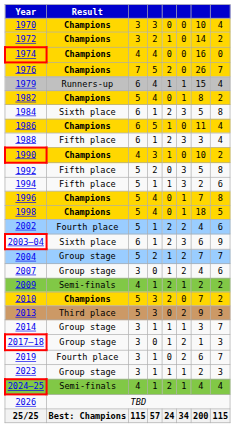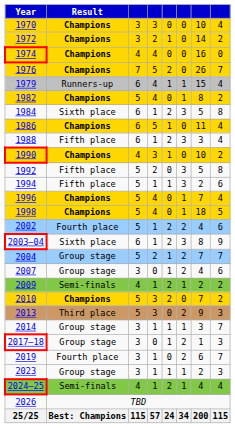 <table class="wikitable" style="text-align: center;">
 <tr>
 <th style="width=30; background:#0000CD; color: #FFFFFF; ">Year</th>
 <th style="width=30; background:#0000CD; color: #FFFFFF;">Result</th>
 <th style="width=30; background:#0000CD; color: #FFFFFF;"></th>
 <th style="width=30; background:#0000CD; color: #FFFFFF;"></th>
 <th style="width=30; background:#0000CD; color: #FFFFFF;"></th>
 <th style="width=30; background:#0000CD; color: #FFFFFF;"></th>
 <th style="width=30; background:#0000CD; color: #FFFFFF;"></th>
 <th style="width=30; background:#0000CD; color: #FFFFFF;"></th>
 </tr>
 <tr bgcolor=gold>
 <td> <a href='#'>1970</a></td>
 <td bgcolor="gold"><strong>Champions</strong></td>
 <td>3</td>
 <td>3</td>
 <td>0</td>
 <td>0</td>
 <td>10</td>
 <td>4</td>
 </tr>
 <tr bgcolor=gold>
 <td> <a href='#'>1972</a></td>
 <td bgcolor="gold"><strong>Champions</strong></td>
 <td>3</td>
 <td>2</td>
 <td>1</td>
 <td>0</td>
 <td>14</td>
 <td>2</td>
 </tr>
 <tr bgcolor=gold>
 <td style="border: 3px solid red"> <a href='#'>1974</a></td>
 <td bgcolor="gold"><strong>Champions</strong></td>
 <td>4</td>
 <td>4</td>
 <td>0</td>
 <td>0</td>
 <td>16</td>
 <td>0</td>
 </tr>
 <tr bgcolor=gold>
 <td> <a href='#'>1976</a></td>
 <td bgcolor="gold"><strong>Champions</strong></td>
 <td>7</td>
 <td>5</td>
 <td>2</td>
 <td>0</td>
 <td>26</td>
 <td>7</td>
 </tr>
 <tr bgcolor=silver>
 <td> <a href='#'>1979</a></td>
 <td bgcolor="silver">Runners-up</td>
 <td>6</td>
 <td>4</td>
 <td>1</td>
 <td>1</td>
 <td>15</td>
 <td>4</td>
 </tr>
 <tr bgcolor=gold>
 <td> <a href='#'>1982</a></td>
 <td bgcolor="gold"><strong>Champions</strong></td>
 <td>5</td>
 <td>4</td>
 <td>0</td>
 <td>1</td>
 <td>8</td>
 <td>2</td>
 </tr>
 <tr>
 <td> <a href='#'>1984</a></td>
 <td>Sixth place</td>
 <td>6</td>
 <td>1</td>
 <td>2</td>
 <td>3</td>
 <td>5</td>
 <td>8</td>
 </tr>
 <tr bgcolor=gold>
 <td> <a href='#'>1986</a></td>
 <td bgcolor="gold"><strong>Champions</strong></td>
 <td>6</td>
 <td>5</td>
 <td>1</td>
 <td>0</td>
 <td>11</td>
 <td>4</td>
 </tr>
 <tr>
 <td> <a href='#'>1988</a></td>
 <td>Fifth place</td>
 <td>6</td>
 <td>1</td>
 <td>2</td>
 <td>3</td>
 <td>3</td>
 <td>4</td>
 </tr>
 <tr bgcolor=gold>
 <td style="border: 3px solid red"> <a href='#'>1990</a></td>
 <td bgcolor="gold"><strong>Champions</strong></td>
 <td>4</td>
 <td>3</td>
 <td>1</td>
 <td>0</td>
 <td>10</td>
 <td>2</td>
 </tr>
 <tr>
 <td> <a href='#'>1992</a></td>
 <td>Fifth place</td>
 <td>5</td>
 <td>2</td>
 <td>0</td>
 <td>3</td>
 <td>5</td>
 <td>8</td>
 </tr>
 <tr>
 <td> <a href='#'>1994</a></td>
 <td>Fifth place</td>
 <td>5</td>
 <td>1</td>
 <td>1</td>
 <td>3</td>
 <td>2</td>
 <td>6</td>
 </tr>
 <tr bgcolor=gold>
 <td> <a href='#'>1996</a></td>
 <td bgcolor="gold"><strong>Champions</strong></td>
 <td>5</td>
 <td>4</td>
 <td>0</td>
 <td>1</td>
 <td>7</td>
-<td>8</td>
+<td>4</td>
 </tr>
 <tr bgcolor=gold>
 <td> <a href='#'>1998</a></td>
 <td bgcolor="gold"><strong>Champions</strong></td>
 <td>5</td>
 <td>4</td>
 <td>0</td>
 <td>1</td>
 <td>18</td>
 <td>5</td>
 </tr>
 <tr style="background:#9acdff;">
 <td> <a href='#'>2002</a></td>
 <td>Fourth place</td>
 <td>5</td>
 <td>1</td>
 <td>2</td>
 <td>2</td>
 <td>4</td>
 <td>6</td>
 </tr>
 <tr>
 <td style="border: 3px solid red"> <a href='#'>2003–04</a></td>
 <td>Sixth place</td>
 <td>6</td>
 <td>1</td>
 <td>2</td>
 <td>3</td>
-<td>6</td>
+<td>8</td>
 <td>9</td>
 </tr>
 <tr style="background:#9acdff;">
 <td> <a href='#'>2004</a></td>
 <td>Group stage</td>
 <td>5</td>
 <td>2</td>
 <td>1</td>
 <td>2</td>
 <td>7</td>
 <td>7</td>
 </tr>
 <tr>
 <td> <a href='#'>2007</a></td>
 <td>Group stage</td>
 <td>3</td>
 <td>0</td>
 <td>1</td>
 <td>2</td>
 <td>4</td>
 <td>6</td>
 </tr>
 <tr bgcolor=#81c846>
 <td> <a href='#'>2009</a></td>
 <td>Semi-finals</td>
 <td>4</td>
 <td>1</td>
 <td>2</td>
 <td>1</td>
 <td>2</td>
 <td>2</td>
 </tr>
 <tr bgcolor=gold>
 <td> <a href='#'>2010</a></td>
 <td><strong>Champions</strong></td>
 <td>5</td>
 <td>3</td>
 <td>2</td>
 <td>0</td>
 <td>7</td>
 <td>2</td>
 </tr>
 <tr bgcolor="#cc9966">
 <td> <a href='#'>2013</a></td>
 <td>Third place</td>
 <td>5</td>
 <td>3</td>
 <td>0</td>
 <td>2</td>
 <td>9</td>
 <td>3</td>
 </tr>
 <tr>
 <td> <a href='#'>2014</a></td>
 <td>Group stage</td>
 <td>3</td>
 <td>1</td>
 <td>1</td>
 <td>1</td>
 <td>3</td>
 <td>7</td>
 </tr>
 <tr>
 <td style="border: 3px solid red"> <a href='#'>2017–18</a></td>
 <td>Group stage</td>
 <td>3</td>
 <td>0</td>
 <td>1</td>
 <td>2</td>
 <td>1</td>
 <td>3</td>
 </tr>
 <tr>
 <td> <a href='#'>2019</a></td>
 <td>Fourth place</td>
 <td>3</td>
 <td>1</td>
 <td>0</td>
 <td>2</td>
 <td>6</td>
 <td>7</td>
 </tr>
 <tr>
 <td> <a href='#'>2023</a></td>
 <td>Group stage</td>
 <td>3</td>
 <td>1</td>
 <td>1</td>
 <td>1</td>
 <td>2</td>
 <td>3</td>
 </tr>
 <tr bgcolor=#81c846>
 <td style="border: 3px solid red"> <a href='#'>2024–25</a></td>
 <td>Semi-finals</td>
 <td>4</td>
 <td>1</td>
 <td>2</td>
 <td>1</td>
 <td>4</td>
 <td>4</td>
 </tr>
 <tr>
 <td> <a href='#'>2026</a></td>
 <td colspan="7"><em>TBD</em></td>
 </tr>
 <tr>
 <th align="center">25/25</th>
 <th>Best: Champions</th>
 <th>115</th>
 <th>57</th>
 <th>24</th>
 <th>34</th>
 <th>200</th>
 <th>115</th>
 </tr>
 </table>
